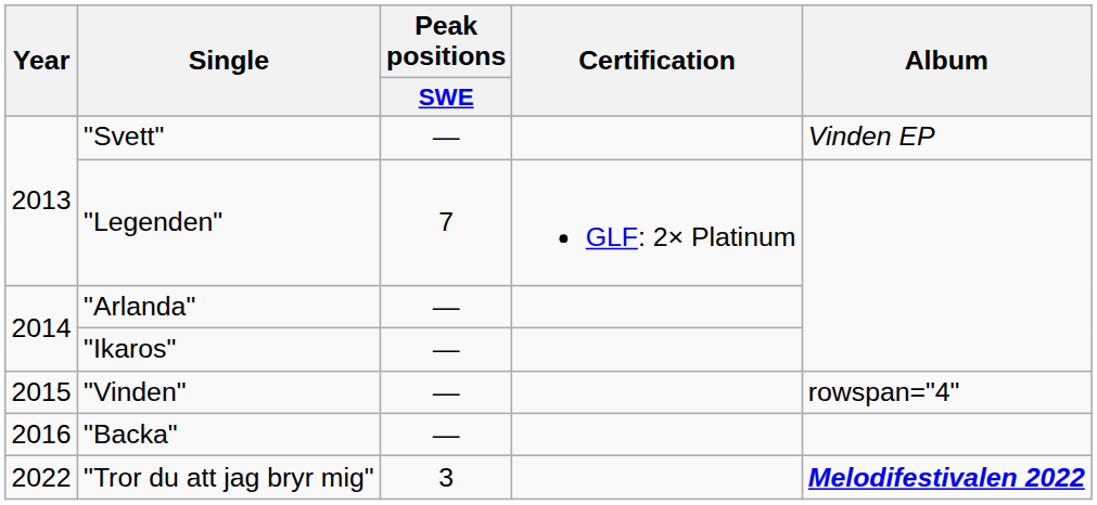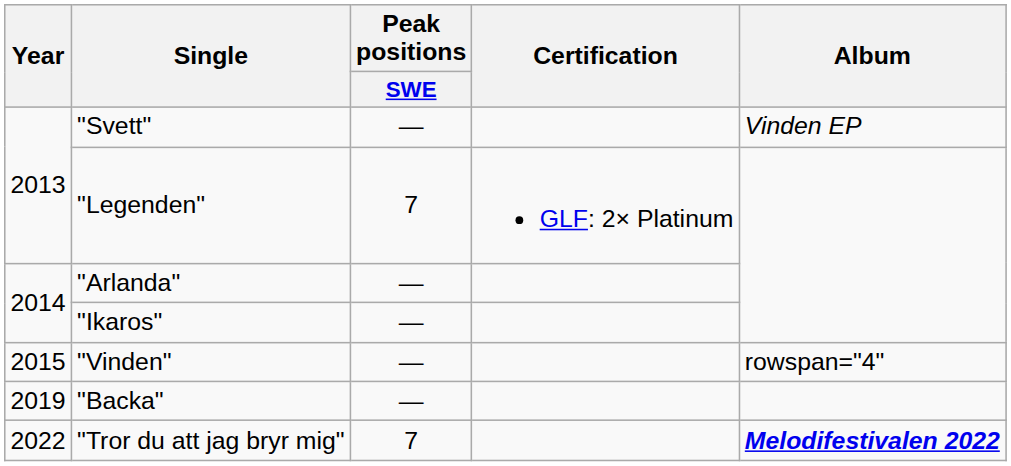 <table class="wikitable">
 <tr>
 <th align="center" rowspan="2">Year</th>
 <th align="center" rowspan="2">Single</th>
 <th align="center" colspan="1">Peak positions</th>
 <th align="center" rowspan="2">Certification</th>
 <th align="center" rowspan="2">Album</th>
 </tr>
 <tr>
 <th scope="col" style="width:3em;font-size:90%;"><a href='#'>SWE</a><br></th>
 </tr>
 <tr>
 <td style="text-align:center;" rowspan=2>2013</td>
 <td>"Svett"</td>
 <td style="text-align:center;">—</td>
 <td style="text-align:center;"></td>
 <td><em>Vinden EP</em></td>
 </tr>
 <tr>
 <td>"Legenden"<br></td>
 <td style="text-align:center;">7<br></td>
 <td><br><ul><li><a href='#'>GLF</a>: 2× Platinum</li></ul></td>
 </tr>
 <tr>
 <td style="text-align:center;" rowspan="2">2014</td>
 <td>"Arlanda"<br></td>
 <td style="text-align:center;">—</td>
 <td style="text-align:center;"></td>
 </tr>
 <tr>
 <td>"Ikaros"</td>
 <td style="text-align:center;">—</td>
 <td style="text-align:center;"></td>
 </tr>
 <tr>
 <td style="text-align:center;">2015</td>
 <td>"Vinden"</td>
 <td style="text-align:center;">—</td>
 <td style="text-align:center;"></td>
 <td>rowspan="4" </td>
 </tr>
 <tr>
-<td style="text-align:center;">2016</td>
+<td style="text-align:center;">2019</td>
 <td>"Backa"<br></td>
 <td style="text-align:center;">—</td>
 <td style="text-align:center;"></td>
 <td></td>
 </tr>
 <tr>
 <td style="text-align:center;">2022</td>
 <td>"Tror du att jag bryr mig" <br></td>
-<td style="text-align:center;">3</td>
+<td style="text-align:center;">7<br></td>
 <td style="text-align:center;"></td>
 <td><strong><em><a href='#'>Melodifestivalen 2022</a></em></strong></td>
 </tr>
 </table>
